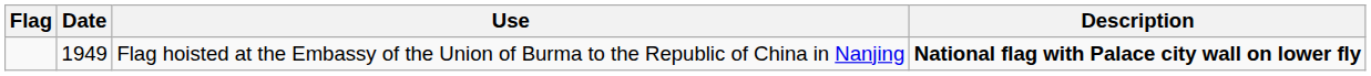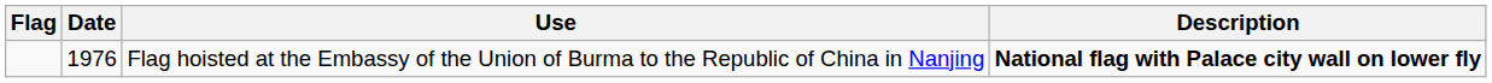 <table class="wikitable">
 <tr>
 <th>Flag</th>
 <th>Date</th>
 <th>Use</th>
 <th>Description</th>
 </tr>
 <tr>
 <td></td>
-<td>1949</td>
+<td>1976</td>
 <td>Flag hoisted at the Embassy of the Union of Burma to the Republic of China in <a href='#'>Nanjing</a></td>
 <td><strong>National flag with Palace city wall on lower fly</strong></td>
 </tr>
 </table>
